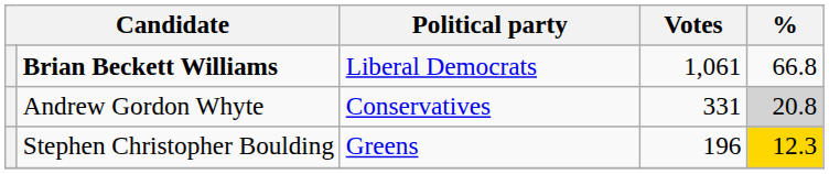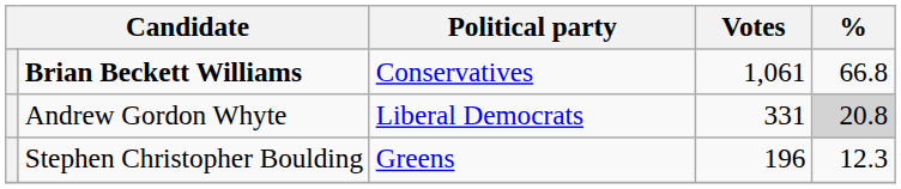 <table class="wikitable">
 <tr>
 <th valign=top colspan="2" style="width: 180px">Candidate</th>
 <th valign=top style="width: 180px">Political party</th>
 <th valign=top style="width: 60px">Votes</th>
 <th valign=top style="width: 40px">%</th>
 </tr>
 <tr>
 <th style="background-color: "></th>
 <td><strong>Brian Beckett Williams</strong></td>
-<td><a href='#'>Liberal Democrats</a></td>
+<td><a href='#'>Conservatives</a></td>
 <td align="right">1,061</td>
 <td align="right">66.8</td>
 </tr>
 <tr>
 <th style="background-color: "></th>
 <td>Andrew Gordon Whyte</td>
-<td><a href='#'>Conservatives</a></td>
+<td><a href='#'>Liberal Democrats</a></td>
 <td align="right">331</td>
 <td align="right" style="background: lightgrey;">20.8</td>
 </tr>
 <tr>
 <th style="background-color: "></th>
 <td>Stephen Christopher Boulding</td>
 <td><a href='#'>Greens</a></td>
 <td align="right">196</td>
-<td align="right" style="background: gold;">12.3</td>
+<td align="right">12.3</td>
 </tr>
 <tr>
 </tr>
 </table>
